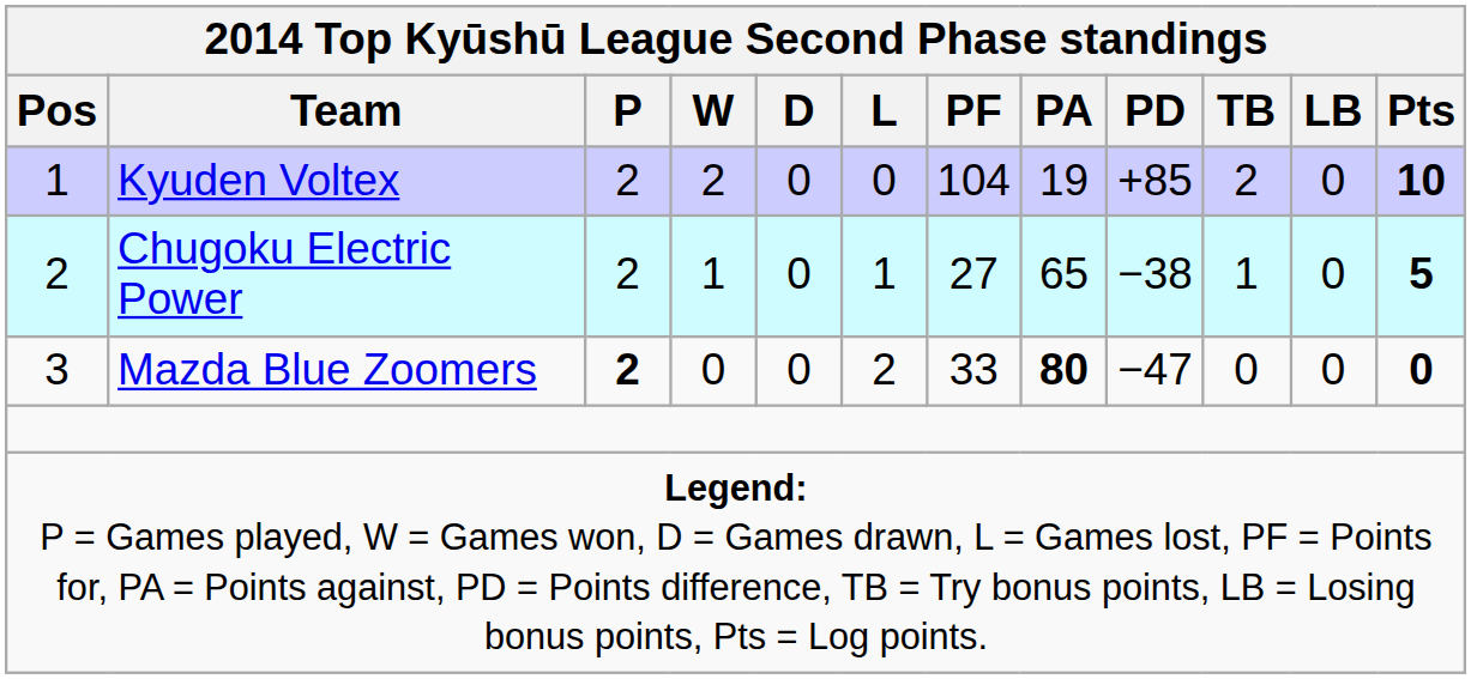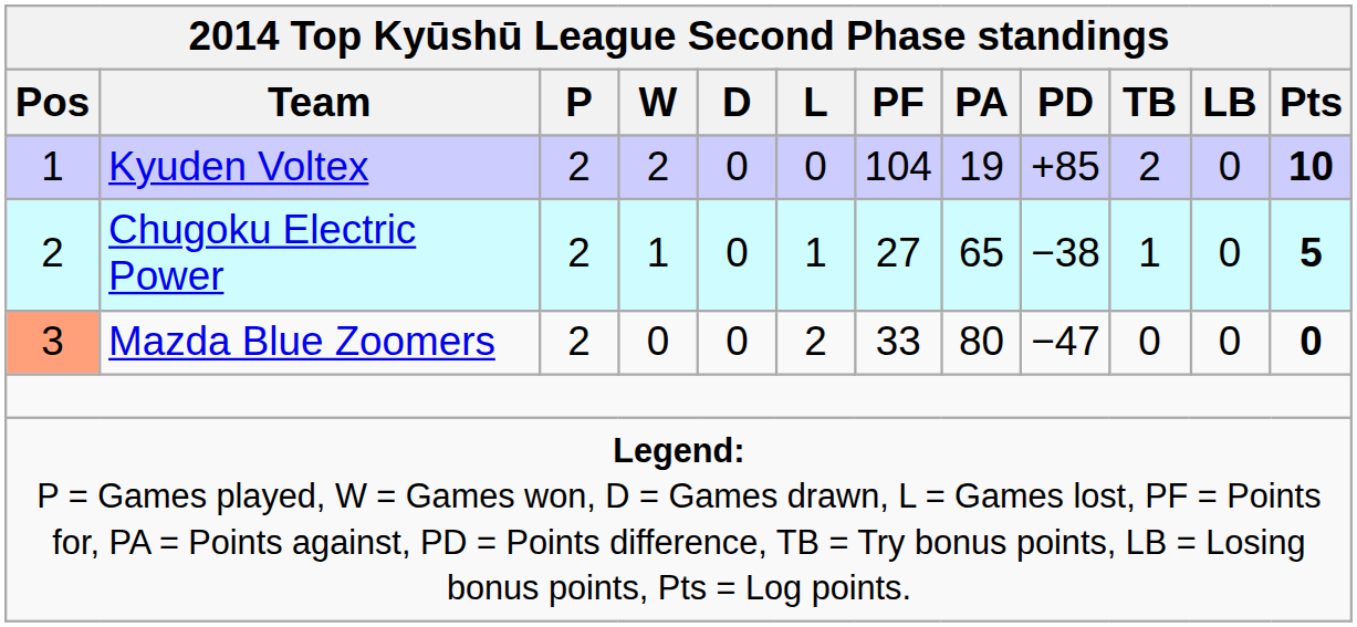 <table class="wikitable" style="text-align:center; font-size:100%; width:60%;">
 <tr>
 <th colspan="100%" cellpadding="0" cellspacing="0"><strong>2014 Top Kyūshū League Second Phase standings</strong></th>
 </tr>
 <tr>
 <th style="width:6%;">Pos</th>
 <th style="width:34%;">Team</th>
 <th style="width:6%;">P</th>
 <th style="width:6%;">W</th>
 <th style="width:6%;">D</th>
 <th style="width:6%;">L</th>
 <th style="width:6%;">PF</th>
 <th style="width:6%;">PA</th>
 <th style="width:6%;">PD</th>
 <th style="width:6%;">TB</th>
 <th style="width:6%;">LB</th>
 <th style="width:6%;">Pts<br></th>
 </tr>
 <tr style="background:#CCCCFF;">
 <td>1</td>
 <td style="text-align:left;"><a href='#'>Kyuden Voltex</a></td>
 <td>2</td>
 <td>2</td>
 <td>0</td>
 <td>0</td>
 <td>104</td>
 <td>19</td>
 <td>+85</td>
 <td>2</td>
 <td>0</td>
 <td><strong>10</strong></td>
 </tr>
 <tr style="background:#CFFCFF;">
 <td>2</td>
 <td style="text-align:left;"><a href='#'>Chugoku Electric Power</a></td>
 <td>2</td>
 <td>1</td>
 <td>0</td>
 <td>1</td>
 <td>27</td>
 <td>65</td>
 <td>−38</td>
 <td>1</td>
 <td>0</td>
 <td><strong>5</strong></td>
 </tr>
 <tr>
-<td>3</td>
+<td style="background: lightsalmon;">3</td>
 <td style="text-align:left;"><a href='#'>Mazda Blue Zoomers</a></td>
-<td><strong>2</strong></td>
+<td>2</td>
 <td>0</td>
 <td>0</td>
 <td>2</td>
 <td>33</td>
-<td><strong>80</strong></td>
+<td>80</td>
 <td>−47</td>
 <td>0</td>
 <td>0</td>
 <td><strong>0</strong></td>
 </tr>
 <tr>
 <td colspan="100%" style="height:10px;"></td>
 </tr>
 <tr>
 <td colspan="100%"><small><strong>Legend:</strong> <br> P = Games played, W = Games won, D = Games drawn, L = Games lost, PF = Points for, PA = Points against, PD = Points difference, TB = Try bonus points, LB = Losing bonus points, Pts = Log points.</small></td>
 </tr>
 </table>
